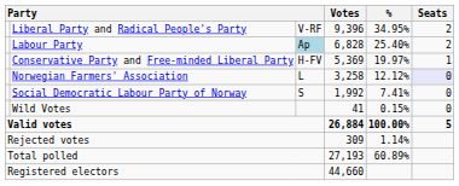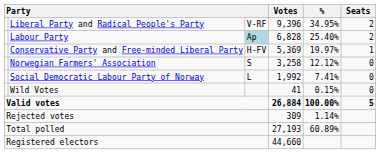 <table class="wikitable" border="1" style="text-align:right;">
 <tr>
 <th style="text-align:left;" colspan=3>Party</th>
 <th align=center width="50">Votes</th>
 <th align=center width="50">%</th>
 <th align=center width="50">Seats</th>
 </tr>
 <tr>
 <td></td>
 <td align=left><a href='#'>Liberal Party</a> and <a href='#'>Radical People's Party</a></td>
 <td align=left>V-RF</td>
 <td>9,396</td>
 <td>34.95%</td>
 <td>2</td>
 </tr>
 <tr>
 <td style="color:inherit;background:"></td>
 <td align=left><a href='#'>Labour Party</a></td>
 <td align=left style="background: lightblue;">Ap</td>
 <td>6,828</td>
 <td>25.40%</td>
 <td>2</td>
 </tr>
 <tr>
 <td></td>
 <td align=left><a href='#'>Conservative Party</a> and <a href='#'>Free-minded Liberal Party</a></td>
 <td align=left>H-FV</td>
 <td>5,369</td>
 <td>19.97%</td>
 <td>1</td>
 </tr>
 <tr>
 <td style="color:inherit;background:"></td>
 <td align=left><a href='#'>Norwegian Farmers' Association</a></td>
-<td align=left>L</td>
+<td align=left>S</td>
 <td>3,258</td>
 <td>12.12%</td>
-<td style="background: lavender;">0</td>
+<td>0</td>
 </tr>
 <tr>
 <td style="color:inherit;background:"></td>
 <td align=left><a href='#'>Social Democratic Labour Party of Norway</a></td>
-<td align=left>S</td>
+<td align=left>L</td>
 <td>1,992</td>
 <td>7.41%</td>
 <td>0</td>
 </tr>
 <tr>
 <td></td>
 <td align=left>Wild Votes</td>
 <td align=left></td>
 <td>41</td>
 <td>0.15%</td>
 <td>0</td>
 </tr>
 <tr style="font-weight:bold">
 <td align=left colspan=3>Valid votes</td>
 <td>26,884</td>
 <td>100.00%</td>
 <td>5</td>
 </tr>
 <tr>
 <td align=left colspan=3>Rejected votes</td>
 <td>309</td>
 <td>1.14%</td>
 <td></td>
 </tr>
 <tr>
 <td align=left colspan=3>Total polled</td>
 <td>27,193</td>
 <td>60.89%</td>
 <td></td>
 </tr>
 <tr>
 <td align=left colspan=3>Registered electors</td>
 <td>44,660</td>
 <td></td>
 <td></td>
 </tr>
 </table>
